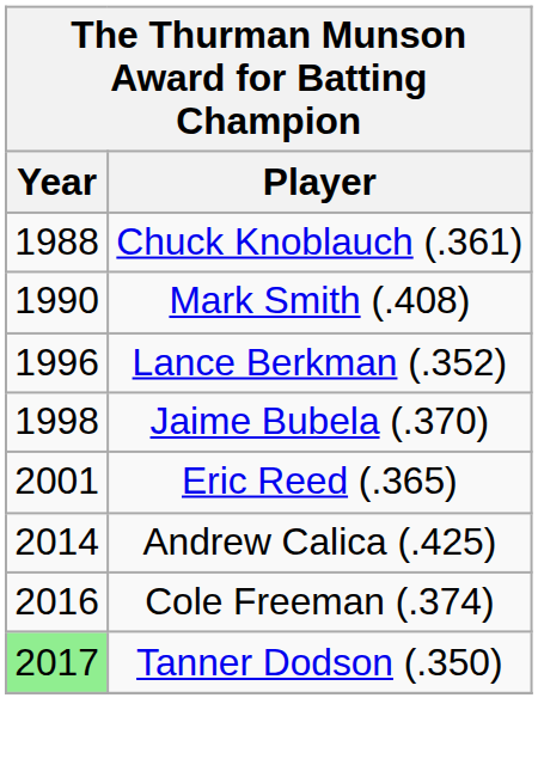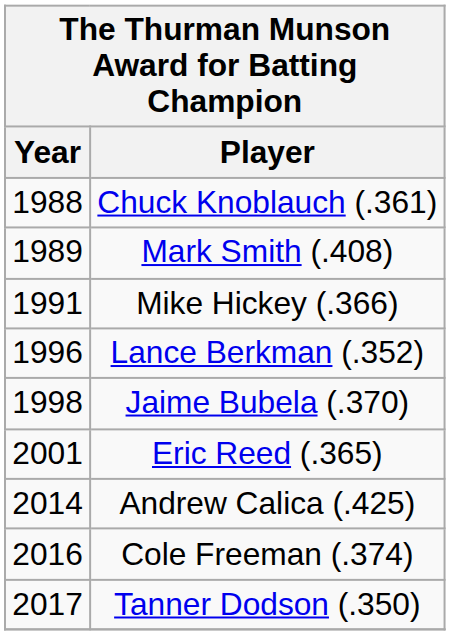 <table class="wikitable" style="display: inline-table; margin-right: 20px; text-align:center">
 <tr>
 <th scope="col" colspan="2" style="width: 145px;">The Thurman Munson Award for Batting Champion</th>
 </tr>
 <tr>
 <th scope="col">Year</th>
 <th scope="col">Player</th>
 </tr>
 <tr>
 <td>1988</td>
 <td><a href='#'>Chuck Knoblauch</a> (.361)</td>
 </tr>
 <tr>
-<td>1990</td>
+<td>1989</td>
 <td><a href='#'>Mark Smith</a> (.408)</td>
+</tr>
+<tr>
+<td>1991</td>
+<td>Mike Hickey (.366)</td>
 </tr>
 <tr>
 <td>1996</td>
 <td><a href='#'>Lance Berkman</a> (.352)</td>
 </tr>
 <tr>
 <td>1998</td>
 <td><a href='#'>Jaime Bubela</a> (.370)</td>
 </tr>
 <tr>
 <td>2001</td>
 <td><a href='#'>Eric Reed</a> (.365)</td>
 </tr>
 <tr>
 <td>2014</td>
 <td>Andrew Calica (.425)</td>
 </tr>
 <tr>
 <td>2016</td>
 <td>Cole Freeman (.374)</td>
 </tr>
 <tr>
-<td style="background: lightgreen;">2017</td>
+<td>2017</td>
 <td><a href='#'>Tanner Dodson</a> (.350)</td>
 </tr>
 <tr>
 </tr>
 </table>
